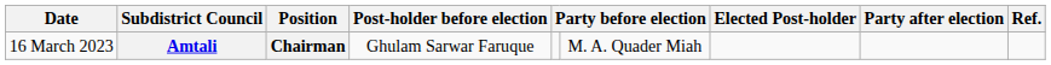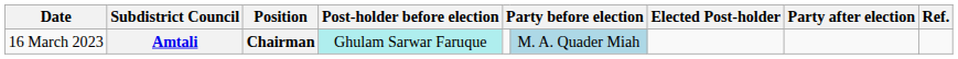 <table class="wikitable sortable" style="text-align:center;">
 <tr>
 <th>Date</th>
 <th>Subdistrict Council</th>
 <th>Position</th>
 <th>Post-holder before election</th>
 <th colspan="2">Party before election</th>
 <th>Elected  Post-holder</th>
 <th colspan="2">Party after election</th>
 <th>Ref.</th>
 </tr>
 <tr>
 <td>16 March 2023</td>
 <th><a href='#'>Amtali</a></th>
 <th>Chairman </th>
-<td>Ghulam Sarwar Faruque</td>
+<td style="background: paleturquoise;">Ghulam Sarwar Faruque</td>
 <td></td>
-<td>M. A. Quader Miah</td>
+<td style="background: lightblue;">M. A. Quader Miah</td>
 <td></td>
 <td></td>
 </tr>
 </table>
